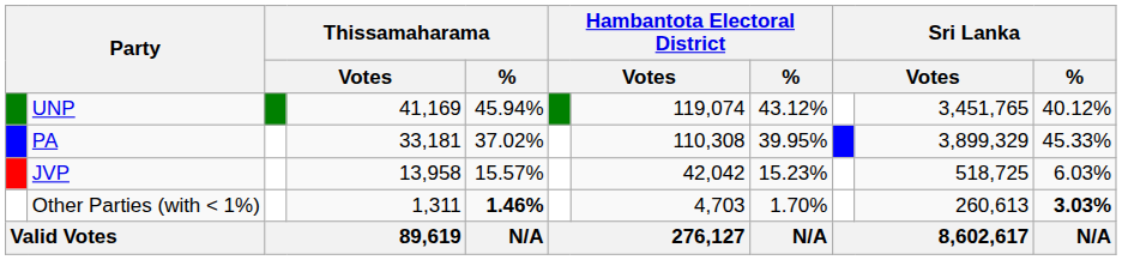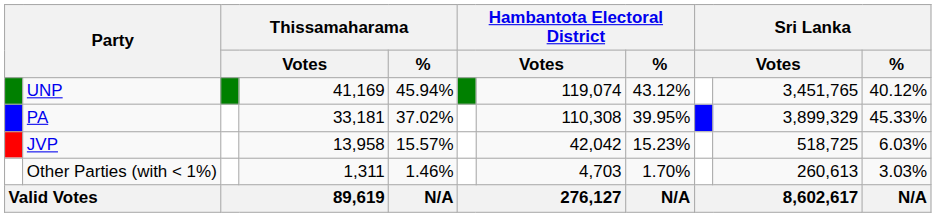 <table class="wikitable">
 <tr>
 <th colspan="2" width="144px"rowspan="2">Party</th>
 <th colspan="3" width="216px">Thissamaharama</th>
 <th colspan="3" width="216px"><a href='#'>Hambantota Electoral District</a></th>
 <th colspan="3" width="216px">Sri Lanka</th>
 </tr>
 <tr>
 <th colspan="2" width="144px">Votes</th>
 <th>%</th>
 <th colspan="2" width="144px">Votes</th>
 <th>%</th>
 <th colspan="2" width="144px">Votes</th>
 <th>%</th>
 </tr>
 <tr>
 <td style="background-color:green;" width="10px"></td>
 <td style="text-align:left;"><a href='#'>UNP</a></td>
 <td style="background-color:green;" width="10px"></td>
 <td style="text-align:right;">41,169</td>
 <td style="text-align:right;">45.94%</td>
 <td style="background-color:green;" width="10px"></td>
 <td style="text-align:right;">119,074</td>
 <td style="text-align:right;">43.12%</td>
 <td style="background-color:white;" width="10px"></td>
 <td style="text-align:right;">3,451,765</td>
 <td style="text-align:right;">40.12%</td>
 </tr>
 <tr>
 <td style="background-color:blue;" width="10px"></td>
 <td style="text-align:left;"><a href='#'>PA</a></td>
 <td style="background-color:white;" width="10px"></td>
 <td style="text-align:right;">33,181</td>
 <td style="text-align:right;">37.02%</td>
 <td style="background-color:white;" width="10px"></td>
 <td style="text-align:right;">110,308</td>
 <td style="text-align:right;">39.95%</td>
 <td style="background-color:blue;" width="10px"></td>
 <td style="text-align:right;">3,899,329</td>
 <td style="text-align:right;">45.33%</td>
 </tr>
 <tr>
 <td style="background-color:red;" width="10px"></td>
 <td style="text-align:left;"><a href='#'>JVP</a></td>
 <td style="background-color:white;" width="10px"></td>
 <td style="text-align:right;">13,958</td>
 <td style="text-align:right;">15.57%</td>
 <td style="background-color:white;" width="10px"></td>
 <td style="text-align:right;">42,042</td>
 <td style="text-align:right;">15.23%</td>
 <td style="background-color:white;" width="10px"></td>
 <td style="text-align:right;">518,725</td>
 <td style="text-align:right;">6.03%</td>
 </tr>
 <tr>
 <td style="background-color:white;" width="10px"></td>
 <td style="text-align:left;">Other Parties (with < 1%)</td>
 <td style="background-color:white;" width="10px"></td>
 <td style="text-align:right;">1,311</td>
-<td style="text-align:right;"><strong>1.46%</strong></td>
+<td style="text-align:right;">1.46%</td>
 <td style="background-color:white;" width="10px"></td>
 <td style="text-align:right;">4,703</td>
 <td style="text-align:right;">1.70%</td>
 <td style="background-color:white;" width="10px"></td>
 <td style="text-align:right;">260,613</td>
-<td style="text-align:right;"><strong>3.03%</strong></td>
+<td style="text-align:right;">3.03%</td>
 </tr>
 <tr>
 <th colspan="2" width="144px"style="text-align:left;">Valid Votes</th>
 <th style="text-align:right;"colspan="2" width="144px">89,619</th>
 <th style="text-align:right;">N/A</th>
 <th style="text-align:right;"colspan="2" width="144px">276,127</th>
 <th style="text-align:right;">N/A</th>
 <th style="text-align:right;"colspan="2" width="144px">8,602,617</th>
 <th style="text-align:right;">N/A</th>
 </tr>
 </table>
